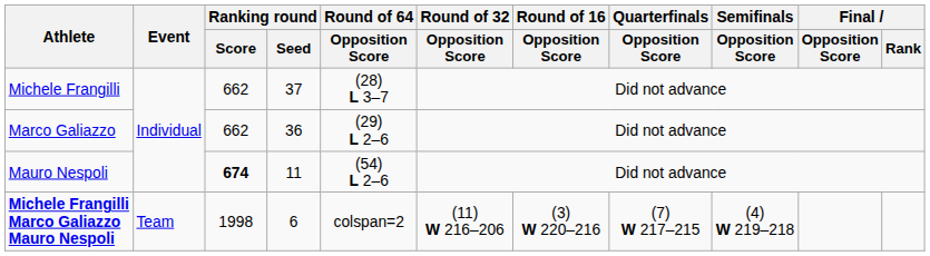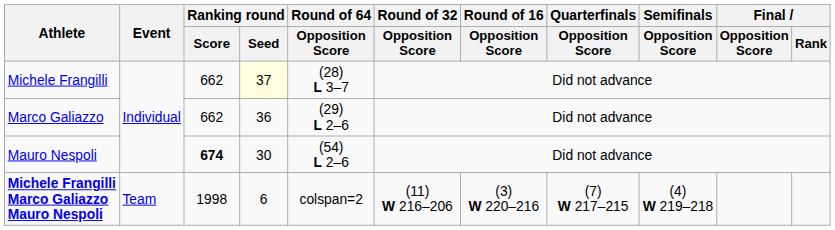 <table class="wikitable" style="font-size:90%">
 <tr>
 <th rowspan="2">Athlete</th>
 <th rowspan="2">Event</th>
 <th colspan="2">Ranking round</th>
 <th>Round of 64</th>
 <th>Round of 32</th>
 <th>Round of 16</th>
 <th>Quarterfinals</th>
 <th>Semifinals</th>
 <th colspan="2">Final / </th>
 </tr>
 <tr style="font-size:95%">
 <th>Score</th>
 <th>Seed</th>
 <th>Opposition<br>Score</th>
 <th>Opposition<br>Score</th>
 <th>Opposition<br>Score</th>
 <th>Opposition<br>Score</th>
 <th>Opposition<br>Score</th>
 <th>Opposition<br>Score</th>
 <th>Rank</th>
 </tr>
 <tr align=center>
 <td align=left><a href='#'>Michele Frangilli</a></td>
 <td align=left rowspan=3><a href='#'>Individual</a></td>
 <td>662</td>
-<td>37</td>
+<td style="background: lightyellow;">37</td>
 <td> (28) <br><strong>L</strong> 3–7</td>
 <td colspan=6>Did not advance</td>
 </tr>
 <tr align=center>
 <td align=left><a href='#'>Marco Galiazzo</a></td>
 <td>662</td>
 <td>36</td>
 <td> (29) <br><strong>L</strong> 2–6</td>
 <td colspan=6>Did not advance</td>
 </tr>
 <tr align=center>
 <td align=left><a href='#'>Mauro Nespoli</a></td>
 <td><strong>674</strong></td>
-<td>11</td>
+<td>30</td>
 <td> (54)<br><strong>L</strong> 2–6</td>
 <td colspan=6>Did not advance</td>
 </tr>
 <tr align=center>
 <td align=left><strong><a href='#'>Michele Frangilli</a><br><a href='#'>Marco Galiazzo</a><br><a href='#'>Mauro Nespoli</a></strong></td>
 <td align=left><a href='#'>Team</a></td>
 <td>1998</td>
 <td>6</td>
 <td>colspan=2 </td>
 <td> (11)<br><strong>W</strong> 216–206</td>
 <td> (3)<br><strong>W</strong> 220–216</td>
 <td> (7)<br><strong>W</strong> 217–215</td>
 <td> (4)<br><strong>W</strong> 219–218</td>
 <td></td>
 </tr>
 </table>
